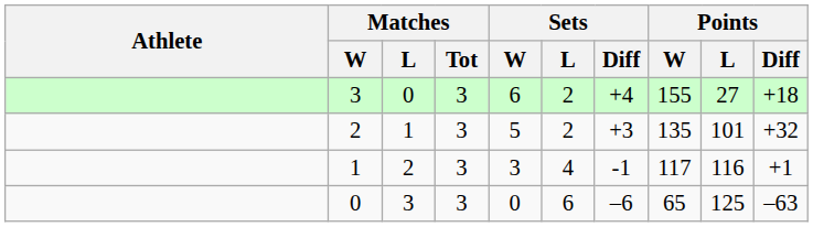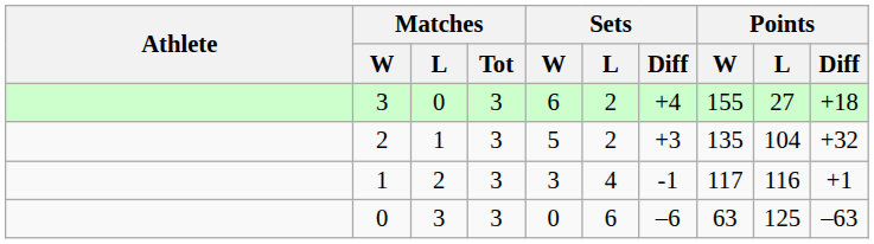 <table class=wikitable style="text-align:center">
 <tr>
 <th rowspan=2 width=220>Athlete</th>
 <th colspan=3 width=90>Matches</th>
 <th colspan=3 width=90>Sets</th>
 <th colspan=3 width=90>Points</th>
 </tr>
 <tr>
 <th width=30>W</th>
 <th width=30>L</th>
 <th width=30>Tot</th>
 <th width=30>W</th>
 <th width=30>L</th>
 <th width=30>Diff</th>
 <th width=30>W</th>
 <th width=30>L</th>
 <th width=30>Diff</th>
 </tr>
 <tr bgcolor=ccffcc>
 <td style="text-align:left"></td>
 <td>3</td>
 <td>0</td>
 <td>3</td>
 <td>6</td>
 <td>2</td>
 <td>+4</td>
 <td>155</td>
 <td>27</td>
 <td>+18</td>
 </tr>
 <tr>
 <td style="text-align:left"></td>
 <td>2</td>
 <td>1</td>
 <td>3</td>
 <td>5</td>
 <td>2</td>
 <td>+3</td>
 <td>135</td>
-<td>101</td>
+<td>104</td>
 <td>+32</td>
 </tr>
 <tr>
 <td style="text-align:left"></td>
 <td>1</td>
 <td>2</td>
 <td>3</td>
 <td>3</td>
 <td>4</td>
 <td>-1</td>
 <td>117</td>
 <td>116</td>
 <td>+1</td>
 </tr>
 <tr>
 <td style="text-align:left"></td>
 <td>0</td>
 <td>3</td>
 <td>3</td>
 <td>0</td>
 <td>6</td>
 <td>–6</td>
-<td>65</td>
+<td>63</td>
 <td>125</td>
 <td>–63</td>
 </tr>
 </table>
